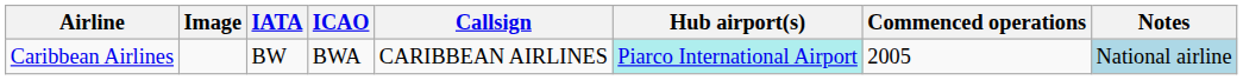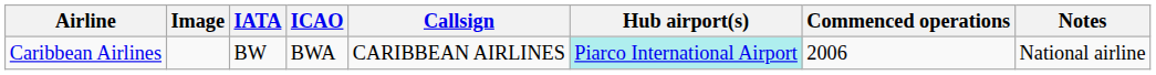 <table class="wikitable sortable" style="border: 0; cellpadding: 2; cellspacing: 3;">
 <tr valign="middle">
 <th>Airline</th>
 <th>Image</th>
 <th><a href='#'>IATA</a></th>
 <th><a href='#'>ICAO</a></th>
 <th><a href='#'>Callsign</a></th>
 <th>Hub airport(s)</th>
 <th>Commenced operations</th>
 <th class="unsortable">Notes</th>
 </tr>
 <tr>
 <td><a href='#'>Caribbean Airlines</a></td>
 <td></td>
 <td>BW</td>
 <td>BWA</td>
 <td>CARIBBEAN AIRLINES</td>
 <td style="background: paleturquoise;"><a href='#'>Piarco International Airport</a></td>
-<td>2005</td>
-<td style="background: lightblue;">National airline</td>
+<td>2006</td>
+<td>National airline</td>
 </tr>
 <tr>
 </tr>
 </table>
